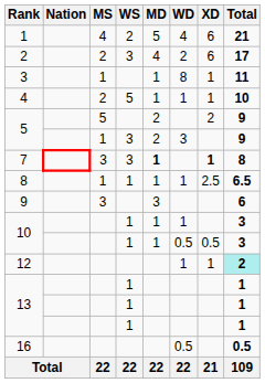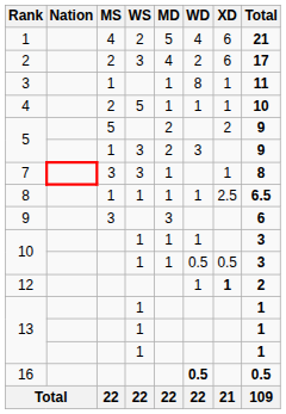 <table class="wikitable" style="text-align:center">
 <tr>
 <th width="25">Rank</th>
 <th>Nation</th>
 <th width="25">MS</th>
 <th width="25">WS</th>
 <th width="25">MD</th>
 <th width="25">WD</th>
 <th width="25">XD</th>
 <th>Total</th>
 </tr>
 <tr>
 <td>1</td>
 <td align=left></td>
 <td>4</td>
 <td>2</td>
 <td>5</td>
 <td>4</td>
 <td>6</td>
 <td><strong>21</strong></td>
 </tr>
 <tr>
 <td>2</td>
 <td align=left></td>
 <td>2</td>
 <td>3</td>
 <td>4</td>
 <td>2</td>
 <td>6</td>
 <td><strong>17</strong></td>
 </tr>
 <tr>
 <td>3</td>
 <td align=left></td>
 <td>1</td>
 <td></td>
 <td>1</td>
 <td>8</td>
 <td>1</td>
 <td><strong>11</strong></td>
 </tr>
 <tr>
 <td>4</td>
 <td align=left></td>
 <td>2</td>
 <td>5</td>
 <td>1</td>
 <td>1</td>
 <td>1</td>
 <td><strong>10</strong></td>
 </tr>
 <tr>
 <td rowspan=2>5</td>
 <td align=left></td>
 <td>5</td>
 <td></td>
 <td>2</td>
 <td></td>
 <td>2</td>
 <td><strong>9</strong></td>
 </tr>
 <tr>
 <td align=left></td>
 <td>1</td>
 <td>3</td>
 <td>2</td>
 <td>3</td>
 <td></td>
 <td><strong>9</strong></td>
 </tr>
 <tr>
 <td>7</td>
 <td align=left style="border: 3px solid red"></td>
 <td>3</td>
 <td>3</td>
-<td><strong>1</strong></td>
+<td>1</td>
 <td></td>
-<td><strong>1</strong></td>
+<td>1</td>
 <td><strong>8 </strong></td>
 </tr>
 <tr>
 <td>8</td>
 <td align=left></td>
 <td>1</td>
 <td>1</td>
 <td>1</td>
 <td>1</td>
 <td>2.5</td>
 <td><strong>6.5</strong></td>
 </tr>
 <tr>
 <td>9</td>
 <td align=left></td>
 <td>3</td>
 <td></td>
 <td>3</td>
 <td></td>
 <td></td>
 <td><strong>6</strong></td>
 </tr>
 <tr>
 <td rowspan=2>10</td>
 <td align=left></td>
 <td></td>
 <td>1</td>
 <td>1</td>
 <td>1</td>
 <td></td>
 <td><strong>3</strong></td>
 </tr>
 <tr>
 <td align=left></td>
 <td></td>
 <td>1</td>
 <td>1</td>
 <td>0.5</td>
 <td>0.5</td>
 <td><strong>3</strong></td>
 </tr>
 <tr>
 <td>12</td>
 <td align=left></td>
 <td></td>
 <td></td>
 <td></td>
 <td>1</td>
-<td>1</td>
-<td style="background: paleturquoise;"><strong>2</strong></td>
+<td><strong>1</strong></td>
+<td><strong>2</strong></td>
 </tr>
 <tr>
 <td rowspan=3>13</td>
 <td align=left></td>
 <td></td>
 <td>1</td>
 <td></td>
 <td></td>
 <td></td>
 <td><strong>1</strong></td>
 </tr>
 <tr>
 <td align=left></td>
 <td></td>
 <td>1</td>
 <td></td>
 <td></td>
 <td></td>
 <td><strong>1</strong></td>
 </tr>
 <tr>
 <td align=left></td>
 <td></td>
 <td>1</td>
 <td></td>
 <td></td>
 <td></td>
 <td><strong>1</strong></td>
 </tr>
 <tr>
 <td>16</td>
 <td align=left></td>
 <td></td>
 <td></td>
 <td></td>
-<td>0.5</td>
+<td><strong>0.5</strong></td>
 <td></td>
 <td><strong>0.5</strong></td>
 </tr>
 <tr>
 <th colspan=2 align=left>Total</th>
 <th><strong>22</strong></th>
 <th><strong>22</strong></th>
 <th><strong>22</strong></th>
 <th><strong>22</strong></th>
 <th><strong>21</strong></th>
 <th><strong>109</strong></th>
 </tr>
 </table>
